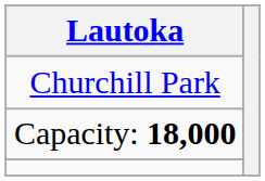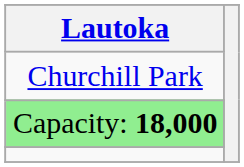 <table class="wikitable" style="text-align:center; margin-left:auto; margin-right:auto; border:none;">
 <tr>
 <th><a href='#'>Lautoka</a></th>
 <th rowspan="4"></th>
 </tr>
 <tr>
 <td><a href='#'>Churchill Park</a></td>
 </tr>
 <tr>
-<td>Capacity: <strong>18,000</strong></td>
+<td style="background: lightgreen;">Capacity: <strong>18,000</strong></td>
 </tr>
 <tr>
 <td></td>
 </tr>
 </table>
